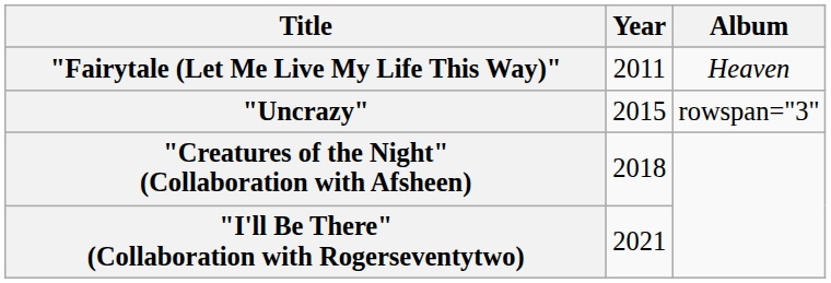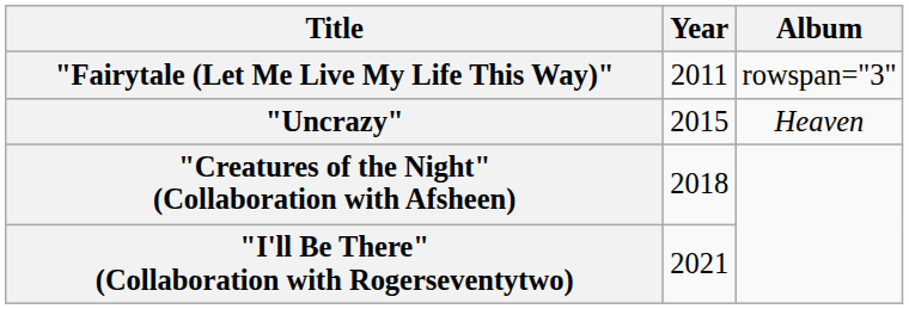 <table class="wikitable plainrowheaders" style="text-align:center;">
 <tr>
 <th scope="col" style="width:22em;">Title</th>
 <th scope="col" style="width:1em;">Year</th>
 <th scope="col">Album</th>
 </tr>
 <tr>
 <th scope="row">"Fairytale (Let Me Live My Life This Way)"</th>
 <td>2011</td>
-<td><em>Heaven</em></td>
+<td>rowspan="3" </td>
 </tr>
 <tr>
 <th scope="row">"Uncrazy"</th>
 <td>2015</td>
-<td>rowspan="3" </td>
+<td><em>Heaven</em></td>
 </tr>
 <tr>
 <th scope="row">"Creatures of the Night"<br><span>(Collaboration with Afsheen)</span></th>
 <td>2018</td>
 </tr>
 <tr>
 <th scope="row">"I'll Be There"<br><span>(Collaboration with Rogerseventytwo)</span></th>
 <td>2021</td>
 </tr>
 </table>
